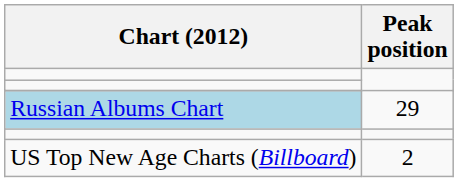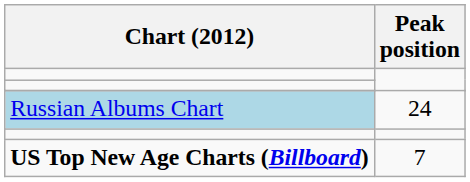 <table class="wikitable sortable">
 <tr>
 <th>Chart (2012)</th>
 <th>Peak<br>position</th>
 </tr>
 <tr>
 <td></td>
 </tr>
 <tr>
 <td></td>
 </tr>
 <tr>
 </tr>
 <tr>
 <td style="background: lightblue;"><a href='#'>Russian Albums Chart</a></td>
-<td style="text-align:center;">29</td>
+<td style="text-align:center;">24</td>
 </tr>
 <tr>
 <td></td>
 </tr>
 <tr>
-<td>US Top New Age Charts (<em><a href='#'>Billboard</a></em>)</td>
-<td style="text-align:center;">2</td>
+<td><strong>US Top New Age Charts (<em><a href='#'>Billboard</a></em>)</strong></td>
+<td style="text-align:center;">7</td>
 </tr>
 </table>
